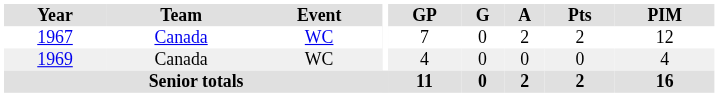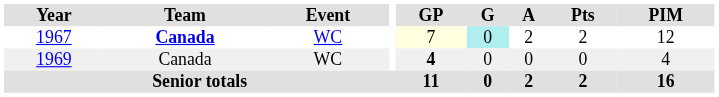 <table border="0" cellpadding="1" cellspacing="0" ID="Table3" style="text-align:center; width:40em">
 <tr bgcolor="#e0e0e0">
 <th>Year</th>
 <th>Team</th>
 <th>Event</th>
 <th rowspan="102" bgcolor="#ffffff"></th>
 <th>GP</th>
 <th>G</th>
 <th>A</th>
 <th>Pts</th>
 <th>PIM</th>
 </tr>
 <tr>
 <td><a href='#'>1967</a></td>
-<td><a href='#'>Canada</a></td>
+<td><strong><a href='#'>Canada</a></strong></td>
 <td><a href='#'>WC</a></td>
-<td>7</td>
-<td>0</td>
+<td style="background: lightyellow;">7</td>
+<td style="background: paleturquoise;">0</td>
 <td>2</td>
 <td>2</td>
 <td>12</td>
 </tr>
 <tr bgcolor="#f0f0f0">
 <td><a href='#'>1969</a></td>
 <td>Canada</td>
 <td>WC</td>
-<td>4</td>
+<td><strong>4</strong></td>
 <td>0</td>
 <td>0</td>
 <td>0</td>
 <td>4</td>
 </tr>
 <tr bgcolor="#e0e0e0">
 <th colspan="4">Senior totals</th>
 <th>11</th>
 <th>0</th>
 <th>2</th>
 <th>2</th>
 <th>16</th>
 </tr>
 </table>
